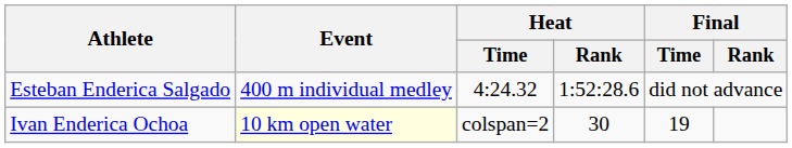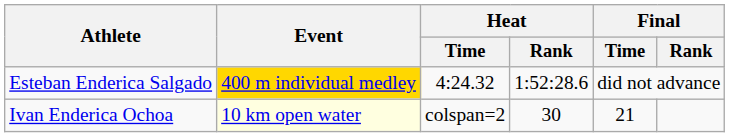 <table class=wikitable style="font-size:90%">
 <tr>
 <th rowspan="2">Athlete</th>
 <th rowspan="2">Event</th>
 <th colspan="2">Heat</th>
 <th colspan="2">Final</th>
 </tr>
 <tr style="font-size:95%">
 <th>Time</th>
 <th>Rank</th>
 <th>Time</th>
 <th>Rank</th>
 </tr>
 <tr align=center>
 <td align=left><a href='#'>Esteban Enderica Salgado</a></td>
-<td align=left><a href='#'>400 m individual medley</a></td>
+<td align=left style="background: gold;"><a href='#'>400 m individual medley</a></td>
 <td>4:24.32</td>
 <td>1:52:28.6</td>
 <td colspan=2>did not advance</td>
 </tr>
 <tr align=center>
 <td align=left><a href='#'>Ivan Enderica Ochoa</a></td>
 <td align=left style="background: lightyellow;"><a href='#'>10 km open water</a></td>
 <td>colspan=2 </td>
 <td>30</td>
-<td>19</td>
+<td>21</td>
 </tr>
 </table>
